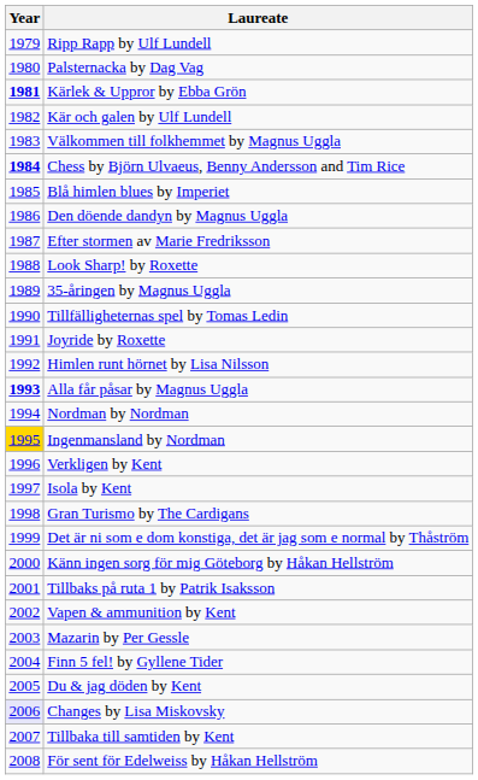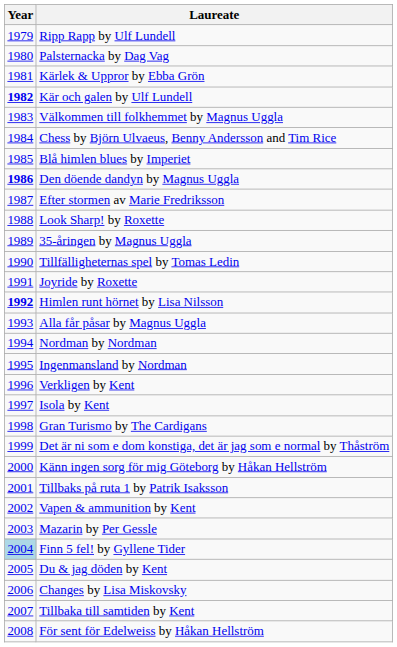 <table class="wikitable">
 <tr>
 <th>Year</th>
 <th>Laureate</th>
 </tr>
 <tr>
 <td><a href='#'>1979</a></td>
 <td><a href='#'>Ripp Rapp</a> by <a href='#'>Ulf Lundell</a></td>
 </tr>
 <tr>
 <td><a href='#'>1980</a></td>
 <td><a href='#'>Palsternacka</a> by <a href='#'>Dag Vag</a></td>
 </tr>
 <tr>
-<td><strong><a href='#'>1981</a></strong></td>
+<td><a href='#'>1981</a></td>
 <td><a href='#'>Kärlek & Uppror</a> by <a href='#'>Ebba Grön</a></td>
 </tr>
 <tr>
-<td><a href='#'>1982</a></td>
+<td><strong><a href='#'>1982</a></strong></td>
 <td><a href='#'>Kär och galen</a> by <a href='#'>Ulf Lundell</a></td>
 </tr>
 <tr>
 <td><a href='#'>1983</a></td>
 <td><a href='#'>Välkommen till folkhemmet</a> by <a href='#'>Magnus Uggla</a></td>
 </tr>
 <tr>
-<td><strong><a href='#'>1984</a></strong></td>
+<td><a href='#'>1984</a></td>
 <td><a href='#'>Chess</a> by <a href='#'>Björn Ulvaeus</a>, <a href='#'>Benny Andersson</a> and <a href='#'>Tim Rice</a></td>
 </tr>
 <tr>
 <td><a href='#'>1985</a></td>
 <td><a href='#'>Blå himlen blues</a> by <a href='#'>Imperiet</a></td>
 </tr>
 <tr>
-<td><a href='#'>1986</a></td>
+<td><strong><a href='#'>1986</a></strong></td>
 <td><a href='#'>Den döende dandyn</a> by <a href='#'>Magnus Uggla</a></td>
 </tr>
 <tr>
 <td><a href='#'>1987</a></td>
 <td><a href='#'>Efter stormen</a> av <a href='#'>Marie Fredriksson</a></td>
 </tr>
 <tr>
 <td><a href='#'>1988</a></td>
 <td><a href='#'>Look Sharp!</a> by <a href='#'>Roxette</a></td>
 </tr>
 <tr>
 <td><a href='#'>1989</a></td>
 <td><a href='#'>35-åringen</a> by <a href='#'>Magnus Uggla</a></td>
 </tr>
 <tr>
 <td><a href='#'>1990</a></td>
 <td><a href='#'>Tillfälligheternas spel</a> by <a href='#'>Tomas Ledin</a></td>
 </tr>
 <tr>
 <td><a href='#'>1991</a></td>
 <td><a href='#'>Joyride</a> by <a href='#'>Roxette</a></td>
 </tr>
 <tr>
-<td><a href='#'>1992</a></td>
+<td><strong><a href='#'>1992</a></strong></td>
 <td><a href='#'>Himlen runt hörnet</a> by <a href='#'>Lisa Nilsson</a></td>
 </tr>
 <tr>
-<td><strong><a href='#'>1993</a></strong></td>
+<td><a href='#'>1993</a></td>
 <td><a href='#'>Alla får påsar</a> by <a href='#'>Magnus Uggla</a></td>
 </tr>
 <tr>
 <td><a href='#'>1994</a></td>
 <td><a href='#'>Nordman</a> by <a href='#'>Nordman</a></td>
 </tr>
 <tr>
-<td style="background: gold;"><a href='#'>1995</a></td>
+<td><a href='#'>1995</a></td>
 <td><a href='#'>Ingenmansland</a> by <a href='#'>Nordman</a></td>
 </tr>
 <tr>
 <td><a href='#'>1996</a></td>
 <td><a href='#'>Verkligen</a> by <a href='#'>Kent</a></td>
 </tr>
 <tr>
 <td><a href='#'>1997</a></td>
 <td><a href='#'>Isola</a> by <a href='#'>Kent</a></td>
 </tr>
 <tr>
 <td><a href='#'>1998</a></td>
 <td><a href='#'>Gran Turismo</a> by <a href='#'>The Cardigans</a></td>
 </tr>
 <tr>
 <td><a href='#'>1999</a></td>
 <td><a href='#'>Det är ni som e dom konstiga, det är jag som e normal</a> by <a href='#'>Thåström</a></td>
 </tr>
 <tr>
 <td><a href='#'>2000</a></td>
 <td><a href='#'>Känn ingen sorg för mig Göteborg</a> by <a href='#'>Håkan Hellström</a></td>
 </tr>
 <tr>
 <td><a href='#'>2001</a></td>
 <td><a href='#'>Tillbaks på ruta 1</a> by <a href='#'>Patrik Isaksson</a></td>
 </tr>
 <tr>
 <td><a href='#'>2002</a></td>
 <td><a href='#'>Vapen & ammunition</a> by <a href='#'>Kent</a></td>
 </tr>
 <tr>
 <td><a href='#'>2003</a></td>
 <td><a href='#'>Mazarin</a> by <a href='#'>Per Gessle</a></td>
 </tr>
 <tr>
-<td><a href='#'>2004</a></td>
+<td style="background: lightblue;"><a href='#'>2004</a></td>
 <td><a href='#'>Finn 5 fel!</a> by <a href='#'>Gyllene Tider</a></td>
 </tr>
 <tr>
 <td><a href='#'>2005</a></td>
 <td><a href='#'>Du & jag döden</a> by <a href='#'>Kent</a></td>
 </tr>
 <tr>
-<td style="background: lavender;"><a href='#'>2006</a></td>
+<td><a href='#'>2006</a></td>
 <td><a href='#'>Changes</a> by <a href='#'>Lisa Miskovsky</a></td>
 </tr>
 <tr>
 <td><a href='#'>2007</a></td>
 <td><a href='#'>Tillbaka till samtiden</a> by <a href='#'>Kent</a></td>
 </tr>
 <tr>
 <td><a href='#'>2008</a></td>
 <td><a href='#'>För sent för Edelweiss</a> by <a href='#'>Håkan Hellström</a></td>
 </tr>
 </table>
